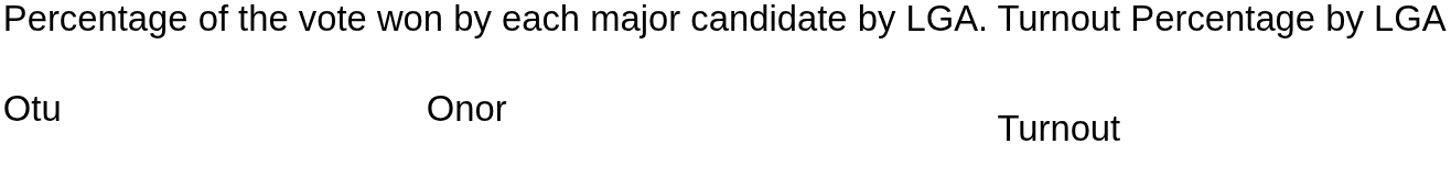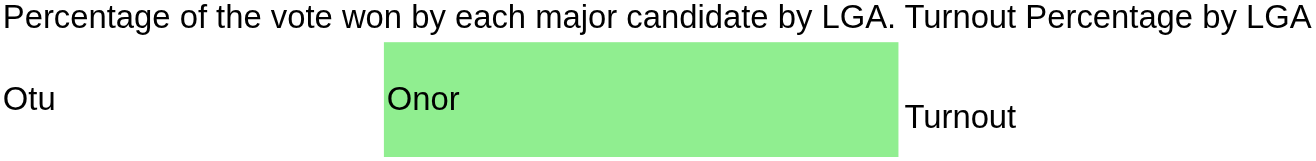 <table align=center>
 <tr>
 <td colspan=2>Percentage of the vote won by each major candidate by LGA.</td>
 <td width=220px>Turnout Percentage by LGA</td>
 </tr>
 <tr>
 <td><br>Otu<br>  <br> </td>
-<td><br>Onor<br> <br> </td>
+<td style="background: lightgreen;"><br>Onor<br> <br> </td>
 <td><br>Turnout<br> </td>
 </tr>
 </table>
